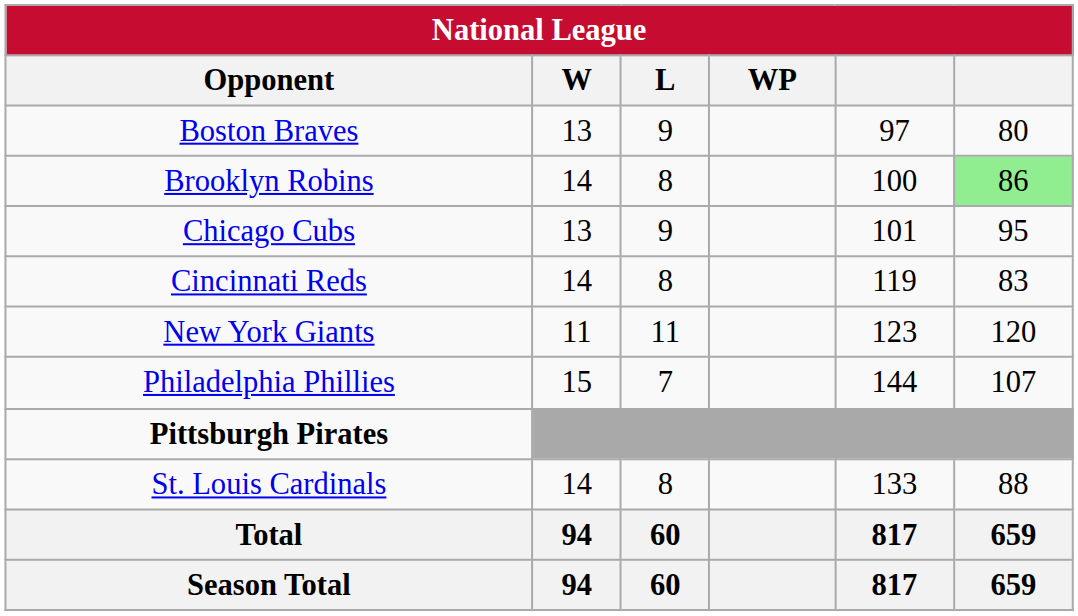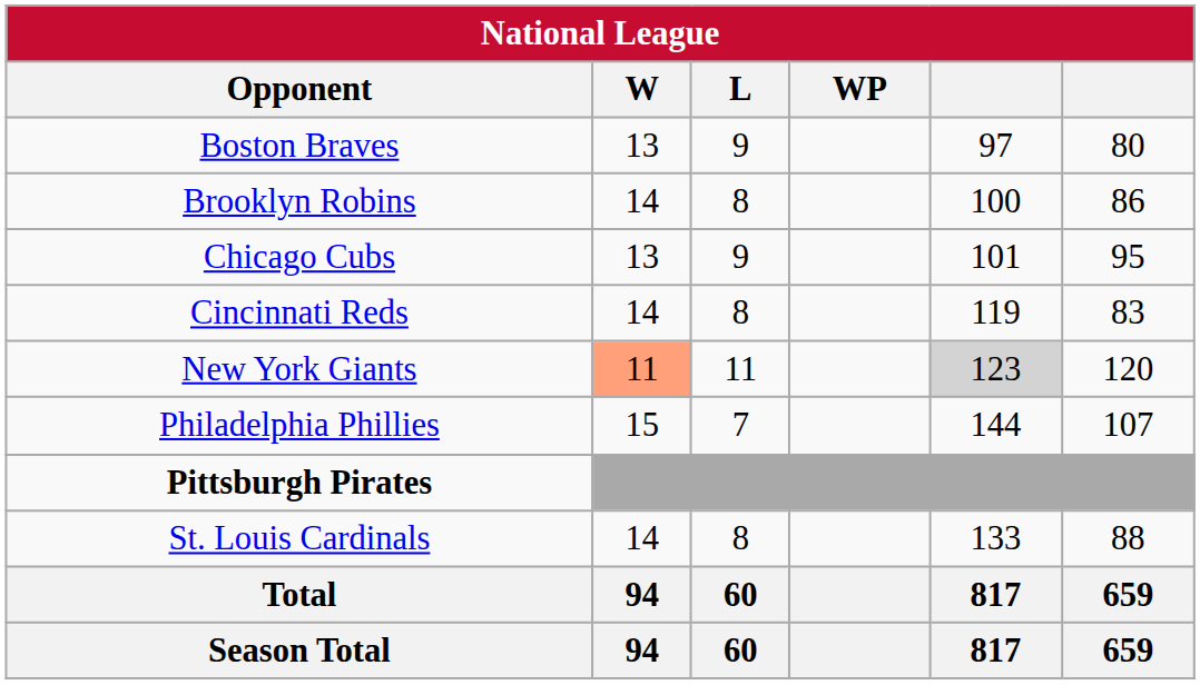 <table class="wikitable" style="font-size:95%; text-align:center; width:35em;margin:0.5em auto;">
 <tr>
 <th colspan="7" style="background:#c60c30; color:#ffffff;">National League</th>
 </tr>
 <tr>
 <th>Opponent</th>
 <th>W</th>
 <th>L</th>
 <th>WP</th>
 <th></th>
 <th></th>
 </tr>
 <tr>
 <td><a href='#'>Boston Braves</a></td>
 <td>13</td>
 <td>9</td>
 <td></td>
 <td>97</td>
 <td>80</td>
 </tr>
 <tr>
 <td><a href='#'>Brooklyn Robins</a></td>
 <td>14</td>
 <td>8</td>
 <td></td>
 <td>100</td>
-<td style="background: lightgreen;">86</td>
+<td>86</td>
 </tr>
 <tr>
 <td><a href='#'>Chicago Cubs</a></td>
 <td>13</td>
 <td>9</td>
 <td></td>
 <td>101</td>
 <td>95</td>
 </tr>
 <tr>
 <td><a href='#'>Cincinnati Reds</a></td>
 <td>14</td>
 <td>8</td>
 <td></td>
 <td>119</td>
 <td>83</td>
 </tr>
 <tr>
 <td><a href='#'>New York Giants</a></td>
-<td>11</td>
+<td style="background: lightsalmon;">11</td>
 <td>11</td>
 <td></td>
-<td>123</td>
+<td style="background: lightgrey;">123</td>
 <td>120</td>
 </tr>
 <tr>
 <td><a href='#'>Philadelphia Phillies</a></td>
 <td>15</td>
 <td>7</td>
 <td></td>
 <td>144</td>
 <td>107</td>
 </tr>
 <tr>
 <td><strong>Pittsburgh Pirates</strong></td>
 <td colspan=5 style="background:darkgray;"></td>
 </tr>
 <tr>
 <td><a href='#'>St. Louis Cardinals</a></td>
 <td>14</td>
 <td>8</td>
 <td></td>
 <td>133</td>
 <td>88</td>
 </tr>
 <tr>
 <th>Total</th>
 <th>94</th>
 <th>60</th>
 <th></th>
 <th>817</th>
 <th>659</th>
 </tr>
 <tr>
 <th>Season Total</th>
 <th>94</th>
 <th>60</th>
 <th></th>
 <th>817</th>
 <th>659</th>
 </tr>
 </table>
